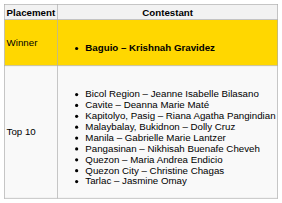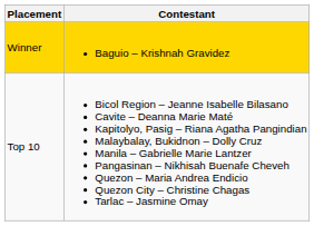 <table class="wikitable sortable" style="font-size:95%;">
 <tr>
 <th>Placement</th>
 <th>Contestant</th>
 </tr>
 <tr style="background:gold;">
 <td>Winner</td>
-<td><strong><br><ul><li>Baguio – Krishnah Gravidez</li></ul></strong></td>
+<td><br><ul><li>Baguio – Krishnah Gravidez</li></ul></td>
 </tr>
 <tr>
 <td>Top 10</td>
 <td><br><ul><li>Bicol Region – Jeanne Isabelle Bilasano</li><li>Cavite – Deanna Marie Maté</li><li>Kapitolyo, Pasig – Riana Agatha Pangindian</li><li>Malaybalay, Bukidnon – Dolly Cruz</li><li>Manila – Gabrielle Marie Lantzer</li><li>Pangasinan – Nikhisah Buenafe Cheveh</li><li>Quezon – Maria Andrea Endicio</li><li>Quezon City – Christine Chagas</li><li>Tarlac – Jasmine Omay</li></ul></td>
 </tr>
 </table>
